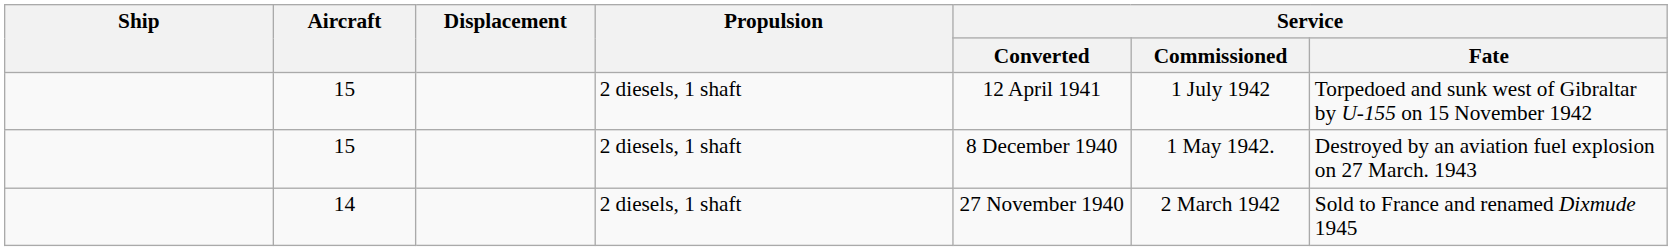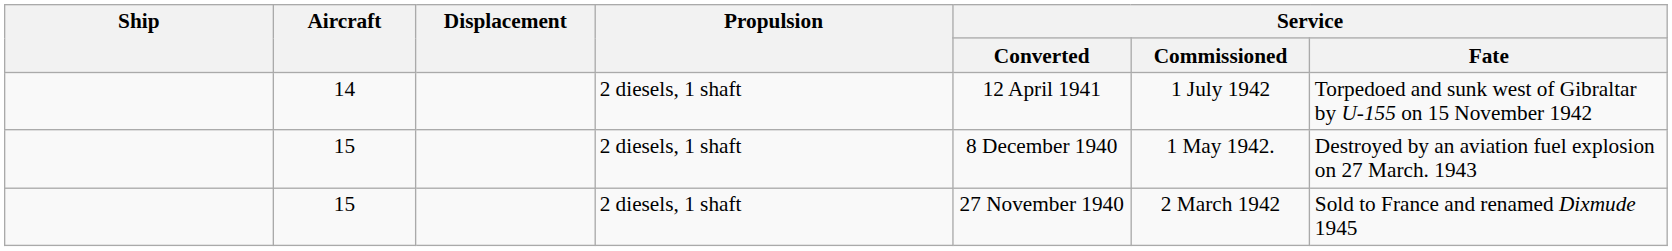 <table class="wikitable" style="width:99%;">
 <tr valign="top"|- valign="top">
 <th style="width:15%; text-align:center;" rowspan="2">Ship</th>
 <th style="width:8%; text-align:center;" rowspan="2">Aircraft</th>
 <th style="width:10%; text-align:center;" rowspan="2">Displacement</th>
 <th style="width:20%; text-align:center;" rowspan="2">Propulsion</th>
 <th style="width:40%; text-align:center;" colspan="3">Service</th>
 </tr>
 <tr valign="top">
 <th style="width:10%; text-align:center;">Converted</th>
 <th style="width:10%; text-align:center;">Commissioned</th>
 <th style="width:20%; text-align:center;">Fate</th>
 </tr>
 <tr valign="top">
 <td align= left></td>
-<td style="text-align:center;">15</td>
+<td style="text-align:center;">14</td>
 <td style="text-align:center;"></td>
 <td align= left>2 diesels, 1 shaft</td>
 <td style="text-align:center;">12 April 1941</td>
 <td style="text-align:center;">1 July 1942</td>
 <td align= left>Torpedoed and sunk west of Gibraltar by <em>U-155</em> on 15 November 1942</td>
 </tr>
 <tr valign="top">
 <td align= left></td>
 <td style="text-align:center;">15</td>
 <td style="text-align:center;"></td>
 <td align= left>2 diesels, 1 shaft</td>
 <td style="text-align:center;">8 December 1940</td>
 <td style="text-align:center;">1 May 1942.</td>
 <td align= left>Destroyed by an aviation fuel explosion on 27 March. 1943</td>
 </tr>
 <tr valign="top">
 <td align= left></td>
-<td style="text-align:center;">14</td>
+<td style="text-align:center;">15</td>
 <td style="text-align:center;"></td>
 <td align= left>2 diesels, 1 shaft</td>
 <td style="text-align:center;">27 November 1940</td>
 <td style="text-align:center;">2 March 1942</td>
 <td align= left>Sold to France and renamed <em>Dixmude</em> 1945</td>
 </tr>
 </table>
